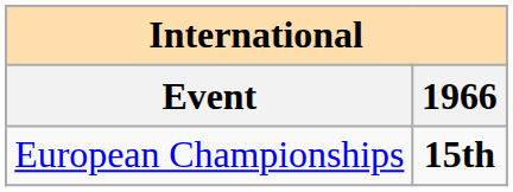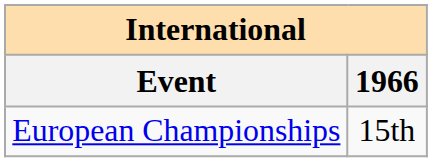 <table class="wikitable" style="text-align:center">
 <tr>
 <th style="background-color: #ffdead; " colspan=2 align=center>International</th>
 </tr>
 <tr>
 <th>Event</th>
 <th>1966</th>
 </tr>
 <tr>
 <td align=left><a href='#'>European Championships</a></td>
-<td><strong>15th</strong></td>
+<td>15th</td>
 </tr>
 </table>
